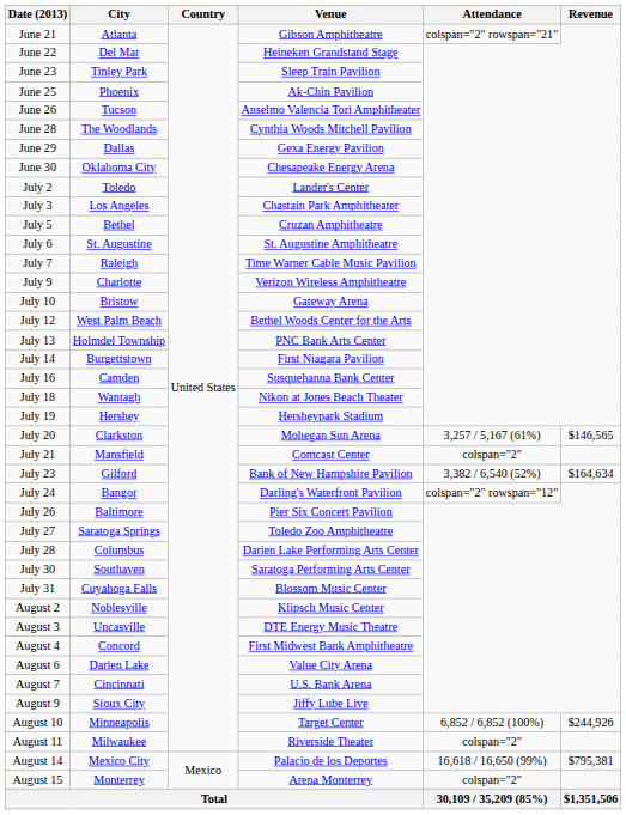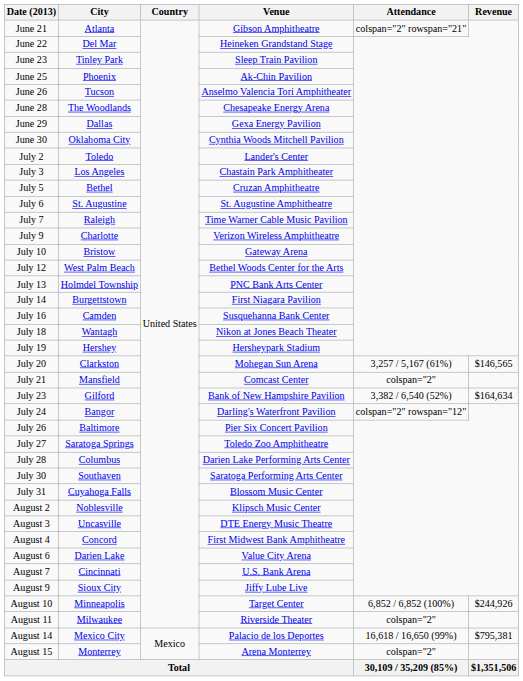 <table class="wikitable" style="text-align:center;">
 <tr>
 <th scope="col">Date (2013)</th>
 <th scope="col">City</th>
 <th scope="col">Country</th>
 <th scope="col">Venue</th>
 <th scope="col">Attendance</th>
 <th scope="col">Revenue</th>
 </tr>
 <tr>
 <td>June 21</td>
 <td><a href='#'>Atlanta</a></td>
 <td rowspan="38">United States</td>
 <td><a href='#'>Gibson Amphitheatre</a></td>
 <td>colspan="2" rowspan="21" </td>
 </tr>
 <tr>
 <td>June 22</td>
 <td><a href='#'>Del Mar</a></td>
 <td><a href='#'>Heineken Grandstand Stage</a></td>
 </tr>
 <tr>
 <td>June 23</td>
 <td><a href='#'>Tinley Park</a></td>
 <td><a href='#'>Sleep Train Pavilion</a></td>
 </tr>
 <tr>
 <td>June 25</td>
 <td><a href='#'>Phoenix</a></td>
 <td><a href='#'>Ak-Chin Pavilion</a></td>
 </tr>
 <tr>
 <td>June 26</td>
 <td><a href='#'>Tucson</a></td>
 <td><a href='#'>Anselmo Valencia Tori Amphitheater</a></td>
 </tr>
 <tr>
 <td>June 28</td>
 <td><a href='#'>The Woodlands</a></td>
-<td><a href='#'>Cynthia Woods Mitchell Pavilion</a></td>
+<td><a href='#'>Chesapeake Energy Arena</a></td>
 </tr>
 <tr>
 <td>June 29</td>
 <td><a href='#'>Dallas</a></td>
 <td><a href='#'>Gexa Energy Pavilion</a></td>
 </tr>
 <tr>
 <td>June 30</td>
 <td><a href='#'>Oklahoma City</a></td>
-<td><a href='#'>Chesapeake Energy Arena</a></td>
+<td><a href='#'>Cynthia Woods Mitchell Pavilion</a></td>
 </tr>
 <tr>
 <td>July 2</td>
 <td><a href='#'>Toledo</a></td>
 <td><a href='#'>Lander's Center</a></td>
 </tr>
 <tr>
 <td>July 3</td>
 <td><a href='#'>Los Angeles</a></td>
 <td><a href='#'>Chastain Park Amphitheater</a></td>
 </tr>
 <tr>
 <td>July 5</td>
 <td><a href='#'>Bethel</a></td>
 <td><a href='#'>Cruzan Amphitheatre</a></td>
 </tr>
 <tr>
 <td>July 6</td>
 <td><a href='#'>St. Augustine</a></td>
 <td><a href='#'>St. Augustine Amphitheatre</a></td>
 </tr>
 <tr>
 <td>July 7</td>
 <td><a href='#'>Raleigh</a></td>
 <td><a href='#'>Time Warner Cable Music Pavilion</a></td>
 </tr>
 <tr>
 <td>July 9</td>
 <td><a href='#'>Charlotte</a></td>
 <td><a href='#'>Verizon Wireless Amphitheatre</a></td>
 </tr>
 <tr>
 <td>July 10</td>
 <td><a href='#'>Bristow</a></td>
 <td><a href='#'>Gateway Arena</a></td>
 </tr>
 <tr>
 <td>July 12</td>
 <td><a href='#'>West Palm Beach</a></td>
 <td><a href='#'>Bethel Woods Center for the Arts</a></td>
 </tr>
 <tr>
 <td>July 13</td>
 <td><a href='#'>Holmdel Township</a></td>
 <td><a href='#'>PNC Bank Arts Center</a></td>
 </tr>
 <tr>
 <td>July 14</td>
 <td><a href='#'>Burgettstown</a></td>
 <td><a href='#'>First Niagara Pavilion</a></td>
 </tr>
 <tr>
 <td>July 16</td>
 <td><a href='#'>Camden</a></td>
 <td><a href='#'>Susquehanna Bank Center</a></td>
 </tr>
 <tr>
 <td>July 18</td>
 <td><a href='#'>Wantagh</a></td>
 <td><a href='#'>Nikon at Jones Beach Theater</a></td>
 </tr>
 <tr>
 <td>July 19</td>
 <td><a href='#'>Hershey</a></td>
 <td><a href='#'>Hersheypark Stadium</a></td>
 </tr>
 <tr>
 <td>July 20</td>
 <td><a href='#'>Clarkston</a></td>
 <td><a href='#'>Mohegan Sun Arena</a></td>
 <td>3,257 / 5,167 (61%)</td>
 <td>$146,565</td>
 </tr>
 <tr>
 <td>July 21</td>
 <td><a href='#'>Mansfield</a></td>
 <td><a href='#'>Comcast Center</a></td>
 <td>colspan="2" </td>
 </tr>
 <tr>
 <td>July 23</td>
 <td><a href='#'>Gilford</a></td>
 <td><a href='#'>Bank of New Hampshire Pavilion</a></td>
 <td>3,382 / 6,540 (52%)</td>
 <td>$164,634</td>
 </tr>
 <tr>
 <td>July 24</td>
 <td><a href='#'>Bangor</a></td>
 <td><a href='#'>Darling's Waterfront Pavilion</a></td>
 <td>colspan="2" rowspan="12" </td>
 </tr>
 <tr>
 <td>July 26</td>
 <td><a href='#'>Baltimore</a></td>
 <td><a href='#'>Pier Six Concert Pavilion</a></td>
 </tr>
 <tr>
 <td>July 27</td>
 <td><a href='#'>Saratoga Springs</a></td>
 <td><a href='#'>Toledo Zoo Amphitheatre</a></td>
 </tr>
 <tr>
 <td>July 28</td>
 <td><a href='#'>Columbus</a></td>
 <td><a href='#'>Darien Lake Performing Arts Center</a></td>
 </tr>
 <tr>
 <td>July 30</td>
 <td><a href='#'>Southaven</a></td>
 <td><a href='#'>Saratoga Performing Arts Center</a></td>
 </tr>
 <tr>
 <td>July 31</td>
 <td><a href='#'>Cuyahoga Falls</a></td>
 <td><a href='#'>Blossom Music Center</a></td>
 </tr>
 <tr>
 <td>August 2</td>
 <td><a href='#'>Noblesville</a></td>
 <td><a href='#'>Klipsch Music Center</a></td>
 </tr>
 <tr>
 <td>August 3</td>
 <td><a href='#'>Uncasville</a></td>
 <td><a href='#'>DTE Energy Music Theatre</a></td>
 </tr>
 <tr>
 <td>August 4</td>
 <td><a href='#'>Concord</a></td>
 <td><a href='#'>First Midwest Bank Amphitheatre</a></td>
 </tr>
 <tr>
 <td>August 6</td>
 <td><a href='#'>Darien Lake</a></td>
 <td><a href='#'>Value City Arena</a></td>
 </tr>
 <tr>
 <td>August 7</td>
 <td><a href='#'>Cincinnati</a></td>
 <td><a href='#'>U.S. Bank Arena</a></td>
 </tr>
 <tr>
 <td>August 9</td>
 <td><a href='#'>Sioux City</a></td>
 <td><a href='#'>Jiffy Lube Live</a></td>
 </tr>
 <tr>
 <td>August 10</td>
 <td><a href='#'>Minneapolis</a></td>
 <td><a href='#'>Target Center</a></td>
 <td>6,852 / 6,852 (100%)</td>
 <td>$244,926</td>
 </tr>
 <tr>
 <td>August 11</td>
 <td><a href='#'>Milwaukee</a></td>
 <td><a href='#'>Riverside Theater</a></td>
 <td>colspan="2" </td>
 </tr>
 <tr>
 <td>August 14</td>
 <td><a href='#'>Mexico City</a></td>
 <td rowspan="2">Mexico</td>
 <td><a href='#'>Palacio de los Deportes</a></td>
 <td>16,618 / 16,650 (99%)</td>
 <td>$795,381</td>
 </tr>
 <tr>
 <td>August 15</td>
 <td><a href='#'>Monterrey</a></td>
 <td><a href='#'>Arena Monterrey</a></td>
 <td>colspan="2" </td>
 </tr>
 <tr>
 <th colspan="4">Total</th>
 <th>30,109 / 35,209 (85%)</th>
 <th>$1,351,506</th>
 </tr>
 </table>
